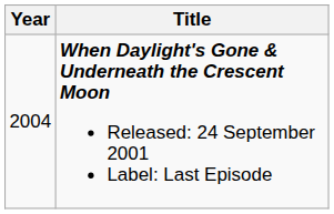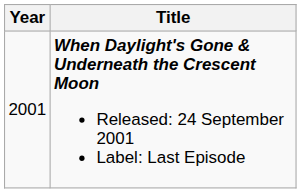 <table class=wikitable>
 <tr>
 <th>Year</th>
 <th width=225px>Title</th>
 </tr>
 <tr>
-<td>2004</td>
+<td>2001</td>
 <td><strong><em>When Daylight's Gone & Underneath the Crescent Moon</em></strong><br><ul><li>Released: 24 September 2001</li><li>Label: Last Episode</li></ul></td>
 </tr>
 </table>
